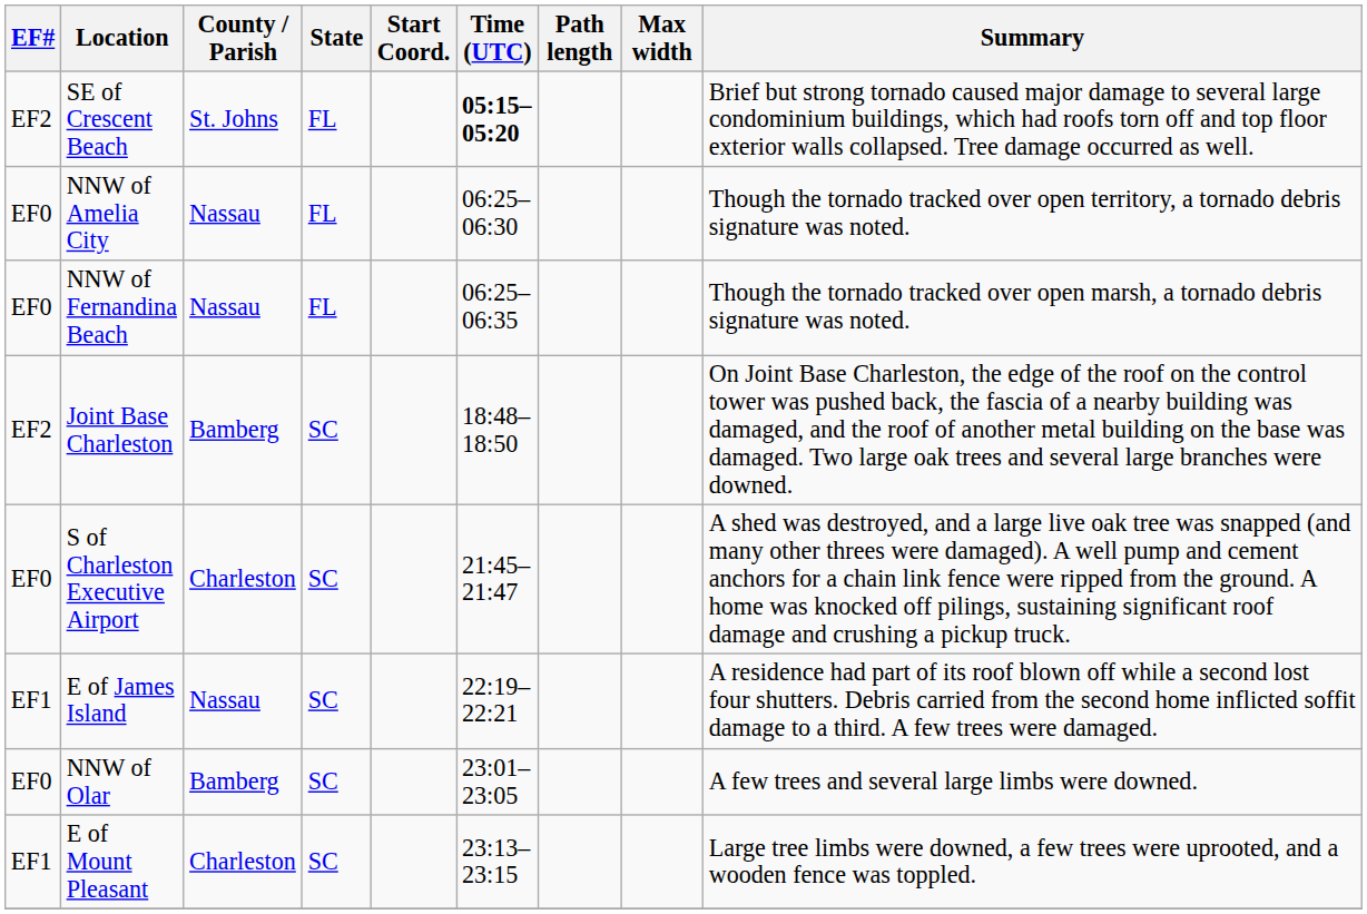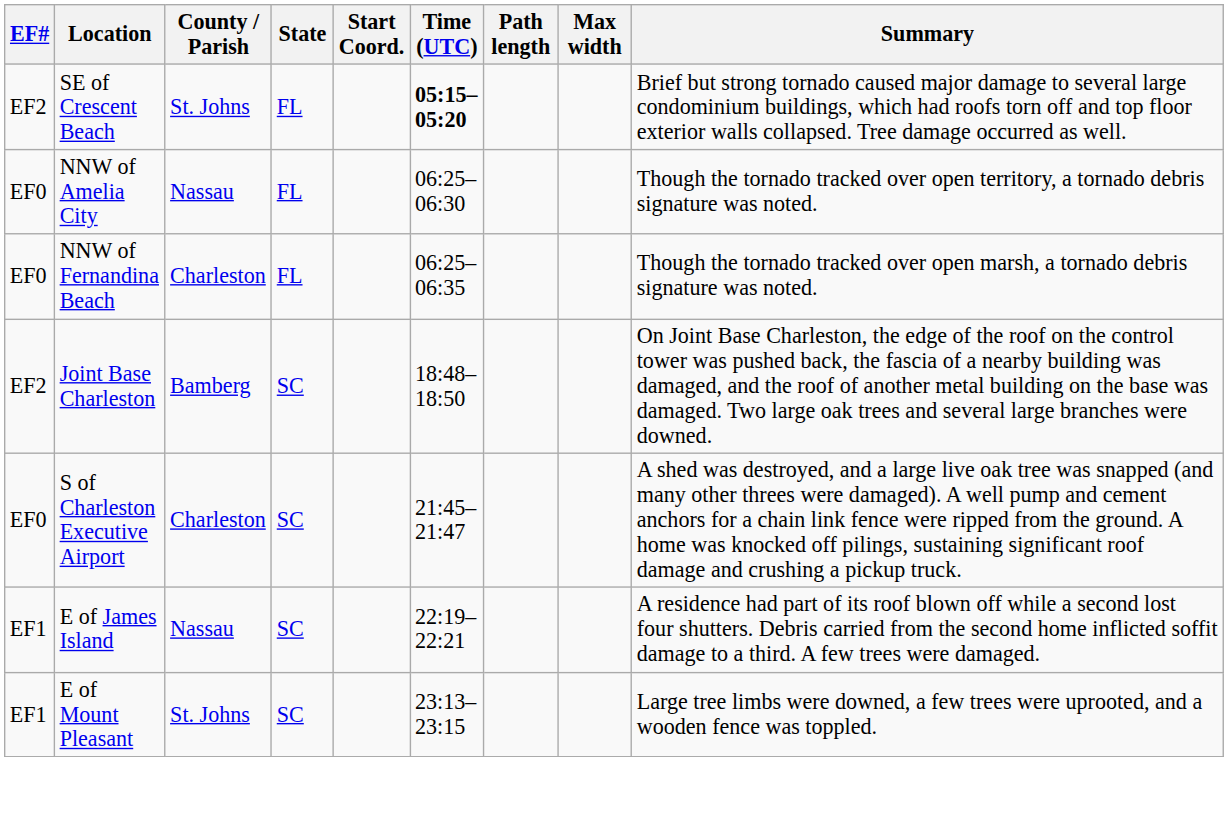 <table class="wikitable sortable" style="width:100%;">
 <tr>
 <th scope="col"  style="width:3%; text-align:center;"><a href='#'>EF#</a></th>
 <th scope="col"  style="width:7%; text-align:center;" class="unsortable">Location</th>
 <th scope="col"  style="width:6%; text-align:center;" class="unsortable">County / Parish</th>
 <th scope="col"  style="width:5%; text-align:center;">State</th>
 <th scope="col"  style="width:6%; text-align:center;">Start Coord.</th>
 <th scope="col"  style="width:6%; text-align:center;">Time (<a href='#'>UTC</a>)</th>
 <th scope="col"  style="width:6%; text-align:center;">Path length</th>
 <th scope="col"  style="width:6%; text-align:center;">Max width</th>
 <th scope="col" class="unsortable" style="width:48%; text-align:center;">Summary</th>
 </tr>
 <tr>
 <td>EF2</td>
 <td>SE of <a href='#'>Crescent Beach</a></td>
 <td><a href='#'>St. Johns</a></td>
 <td><a href='#'>FL</a></td>
 <td></td>
 <td><strong>05:15–05:20</strong></td>
 <td></td>
 <td></td>
 <td>Brief but strong tornado caused major damage to several large condominium buildings, which had roofs torn off and top floor exterior walls collapsed. Tree damage occurred as well.</td>
 </tr>
 <tr>
 <td>EF0</td>
 <td>NNW of <a href='#'>Amelia City</a></td>
 <td><a href='#'>Nassau</a></td>
 <td><a href='#'>FL</a></td>
 <td></td>
 <td>06:25–06:30</td>
 <td></td>
 <td></td>
 <td>Though the tornado tracked over open territory, a tornado debris signature was noted.</td>
 </tr>
 <tr>
 <td>EF0</td>
 <td>NNW of <a href='#'>Fernandina Beach</a></td>
-<td><a href='#'>Nassau</a></td>
+<td><a href='#'>Charleston</a></td>
 <td><a href='#'>FL</a></td>
 <td></td>
 <td>06:25–06:35</td>
 <td></td>
 <td></td>
 <td>Though the tornado tracked over open marsh, a tornado debris signature was noted.</td>
 </tr>
 <tr>
 <td>EF2</td>
 <td><a href='#'>Joint Base Charleston</a></td>
 <td><a href='#'>Bamberg</a></td>
 <td><a href='#'>SC</a></td>
 <td></td>
 <td>18:48–18:50</td>
 <td></td>
 <td></td>
 <td>On Joint Base Charleston, the edge of the roof on the control tower was pushed back, the fascia of a nearby building was damaged, and the roof of another metal building on the base was damaged. Two large oak trees and several large branches were downed.</td>
 </tr>
 <tr>
 <td>EF0</td>
 <td>S of <a href='#'>Charleston Executive Airport</a></td>
 <td><a href='#'>Charleston</a></td>
 <td><a href='#'>SC</a></td>
 <td></td>
 <td>21:45–21:47</td>
 <td></td>
 <td></td>
 <td>A shed was destroyed, and a large live oak tree was snapped (and many other threes were damaged). A well pump and cement anchors for a chain link fence were ripped from the ground. A home was knocked off pilings, sustaining significant roof damage and crushing a pickup truck.</td>
 </tr>
 <tr>
 <td>EF1</td>
 <td>E of <a href='#'>James Island</a></td>
 <td><a href='#'>Nassau</a></td>
 <td><a href='#'>SC</a></td>
 <td></td>
 <td>22:19–22:21</td>
 <td></td>
 <td></td>
 <td>A residence had part of its roof blown off while a second lost four shutters. Debris carried from the second home inflicted soffit damage to a third. A few trees were damaged.</td>
 </tr>
 <tr>
-<td>EF0</td>
-<td>NNW of <a href='#'>Olar</a></td>
-<td><a href='#'>Bamberg</a></td>
-<td><a href='#'>SC</a></td>
-<td></td>
-<td>23:01–23:05</td>
-<td></td>
-<td></td>
-<td>A few trees and several large limbs were downed.</td>
-</tr>
-<tr>
 <td>EF1</td>
 <td>E of <a href='#'>Mount Pleasant</a></td>
-<td><a href='#'>Charleston</a></td>
+<td><a href='#'>St. Johns</a></td>
 <td><a href='#'>SC</a></td>
 <td></td>
 <td>23:13–23:15</td>
 <td></td>
 <td></td>
 <td>Large tree limbs were downed, a few trees were uprooted, and a wooden fence was toppled.</td>
 </tr>
 <tr>
 </tr>
 </table>
